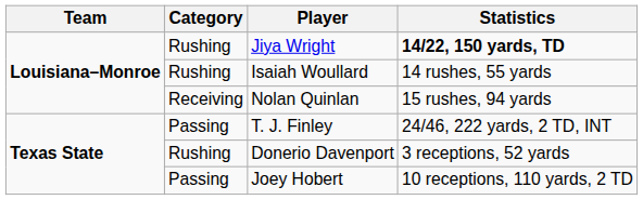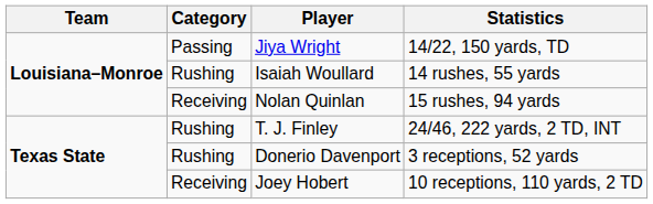 <table class="wikitable" style="float: right;">
 <tr>
 <th>Team</th>
 <th>Category</th>
 <th>Player</th>
 <th>Statistics</th>
 </tr>
 <tr>
 <td rowspan=3><strong>Louisiana–Monroe</strong></td>
-<td>Rushing</td>
+<td>Passing</td>
 <td><a href='#'>Jiya Wright</a></td>
-<td><strong>14/22, 150 yards, TD</strong></td>
+<td>14/22, 150 yards, TD</td>
 </tr>
 <tr>
 <td>Rushing</td>
 <td>Isaiah Woullard</td>
 <td>14 rushes, 55 yards</td>
 </tr>
 <tr>
 <td>Receiving</td>
 <td>Nolan Quinlan</td>
 <td>15 rushes, 94 yards</td>
 </tr>
 <tr>
 <td rowspan=3><strong>Texas State</strong></td>
-<td>Passing</td>
+<td>Rushing</td>
 <td>T. J. Finley</td>
 <td>24/46, 222 yards, 2 TD, INT</td>
 </tr>
 <tr>
 <td>Rushing</td>
 <td>Donerio Davenport</td>
 <td>3 receptions, 52 yards</td>
 </tr>
 <tr>
-<td>Passing</td>
+<td>Receiving</td>
 <td>Joey Hobert</td>
 <td>10 receptions, 110 yards, 2 TD</td>
 </tr>
 </table>
